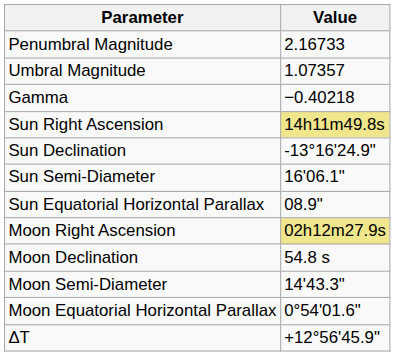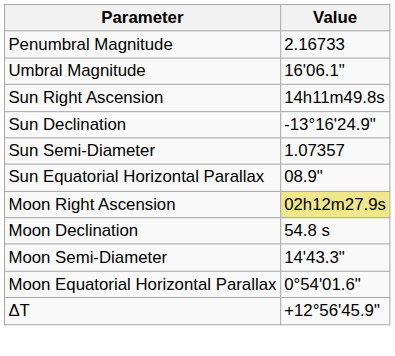 <table class="wikitable">
 <tr>
 <th>Parameter</th>
 <th>Value</th>
 </tr>
 <tr>
 <td>Penumbral Magnitude</td>
 <td>2.16733</td>
 </tr>
 <tr>
 <td>Umbral Magnitude</td>
-<td>1.07357</td>
-</tr>
-<tr>
-<td>Gamma</td>
-<td>−0.40218</td>
+<td>16'06.1"</td>
 </tr>
 <tr>
 <td>Sun Right Ascension</td>
-<td style="background: khaki;">14h11m49.8s</td>
+<td>14h11m49.8s</td>
 </tr>
 <tr>
 <td>Sun Declination</td>
 <td>-13°16'24.9"</td>
 </tr>
 <tr>
 <td>Sun Semi-Diameter</td>
-<td>16'06.1"</td>
+<td>1.07357</td>
 </tr>
 <tr>
 <td>Sun Equatorial Horizontal Parallax</td>
 <td>08.9"</td>
 </tr>
 <tr>
 <td>Moon Right Ascension</td>
 <td style="background: khaki;">02h12m27.9s</td>
 </tr>
 <tr>
 <td>Moon Declination</td>
 <td>54.8 s</td>
 </tr>
 <tr>
 <td>Moon Semi-Diameter</td>
 <td>14'43.3"</td>
 </tr>
 <tr>
 <td>Moon Equatorial Horizontal Parallax</td>
 <td>0°54'01.6"</td>
 </tr>
 <tr>
 <td>ΔT</td>
 <td>+12°56'45.9"</td>
 </tr>
 </table>
